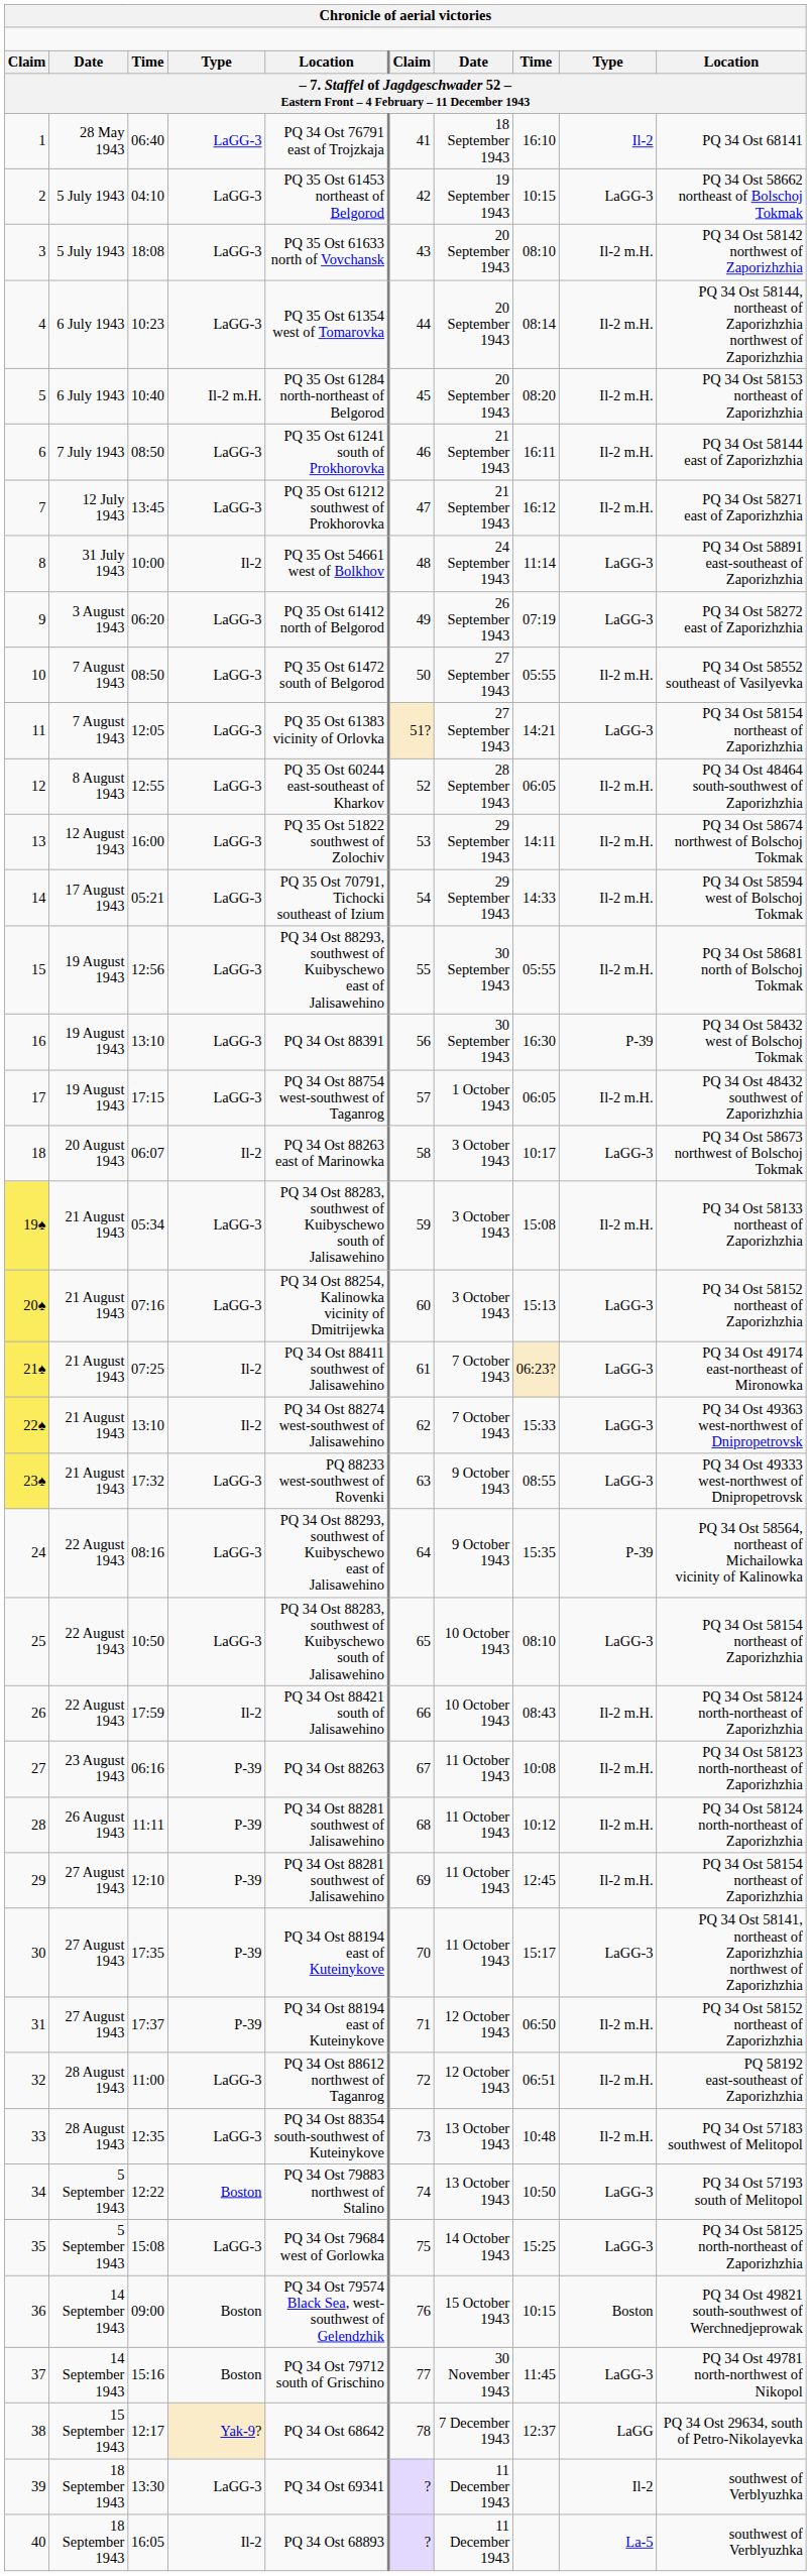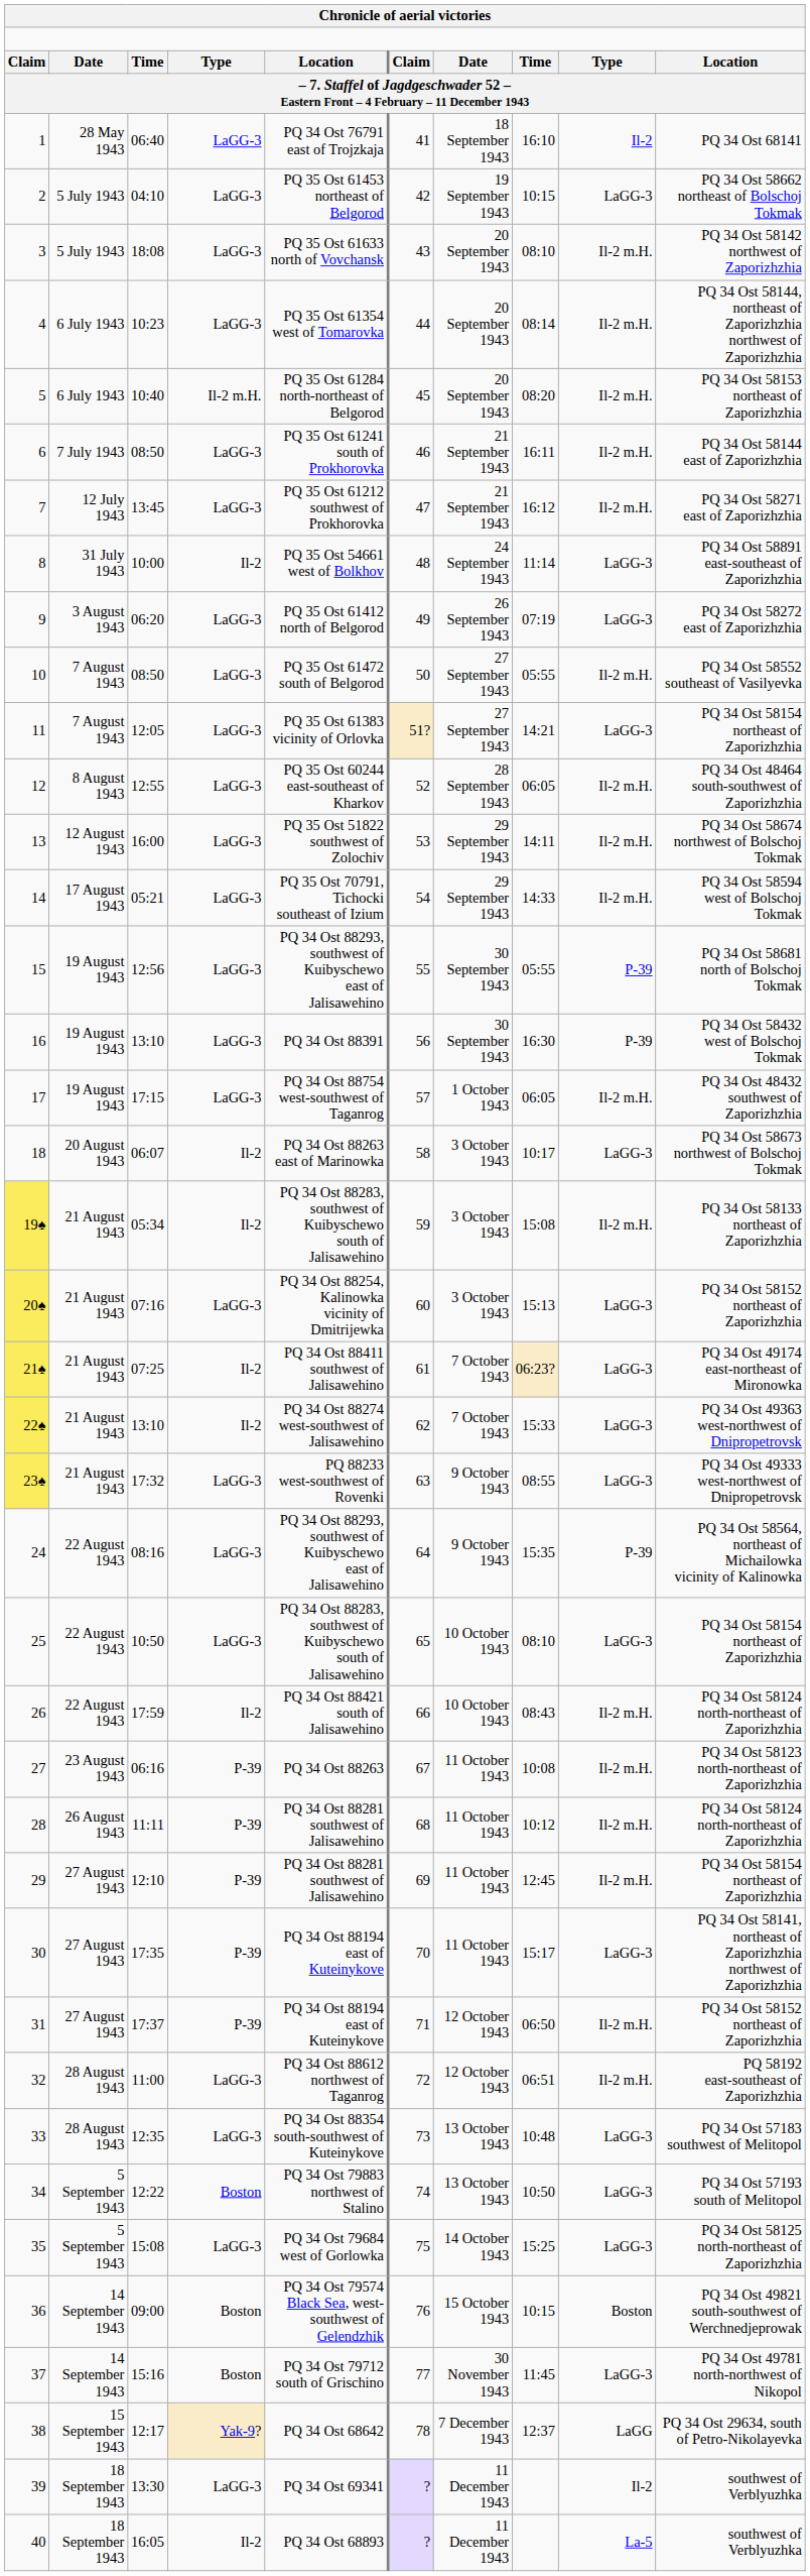 <table class="wikitable plainrowheaders collapsible" style="margin-left: auto; margin-right: auto; border: none; text-align:right; width: 100%;">
 <tr>
 <th colspan="10">Chronicle of aerial victories</th>
 </tr>
 <tr>
 <td colspan="10" style="text-align: left;"><br>  </td>
 </tr>
 <tr>
 <th scope="col">Claim</th>
 <th scope="col">Date</th>
 <th scope="col">Time</th>
 <th scope="col" width="100px">Type</th>
 <th scope="col">Location</th>
 <th scope="col" style="border-left: 3px solid grey;">Claim</th>
 <th scope="col">Date</th>
 <th scope="col">Time</th>
 <th scope="col" width="100px">Type</th>
 <th scope="col">Location</th>
 </tr>
 <tr>
 <th colspan="10">– 7. <em>Staffel</em> of <em>Jagdgeschwader</em> 52 –<br><small>Eastern Front – 4 February – 11 December 1943</small></th>
 </tr>
 <tr>
 <td>1</td>
 <td>28 May 1943</td>
 <td>06:40</td>
 <td><a href='#'>LaGG-3</a></td>
 <td>PQ 34 Ost 76791<br>east of Trojzkaja</td>
 <td style="border-left: 3px solid grey;">41</td>
 <td>18 September 1943</td>
 <td>16:10</td>
 <td><a href='#'>Il-2</a></td>
 <td>PQ 34 Ost 68141</td>
 </tr>
 <tr>
 <td>2</td>
 <td>5 July 1943</td>
 <td>04:10</td>
 <td>LaGG-3</td>
 <td>PQ 35 Ost 61453<br> northeast of <a href='#'>Belgorod</a></td>
 <td style="border-left: 3px solid grey;">42</td>
 <td>19 September 1943</td>
 <td>10:15</td>
 <td>LaGG-3</td>
 <td>PQ 34 Ost 58662<br> northeast of <a href='#'>Bolschoj Tokmak</a></td>
 </tr>
 <tr>
 <td>3</td>
 <td>5 July 1943</td>
 <td>18:08</td>
 <td>LaGG-3</td>
 <td>PQ 35 Ost 61633<br> north of <a href='#'>Vovchansk</a></td>
 <td style="border-left: 3px solid grey;">43</td>
 <td>20 September 1943</td>
 <td>08:10</td>
 <td>Il-2 m.H.</td>
 <td>PQ 34 Ost 58142<br>northwest of <a href='#'>Zaporizhzhia</a></td>
 </tr>
 <tr>
 <td>4</td>
 <td>6 July 1943</td>
 <td>10:23</td>
 <td>LaGG-3</td>
 <td>PQ 35 Ost 61354<br> west of <a href='#'>Tomarovka</a></td>
 <td style="border-left: 3px solid grey;">44</td>
 <td>20 September 1943</td>
 <td>08:14</td>
 <td>Il-2 m.H.</td>
 <td>PQ 34 Ost 58144, northeast of Zaporizhzhia<br>northwest of Zaporizhzhia</td>
 </tr>
 <tr>
 <td>5</td>
 <td>6 July 1943</td>
 <td>10:40</td>
 <td>Il-2 m.H.</td>
 <td>PQ 35 Ost 61284<br> north-northeast of Belgorod</td>
 <td style="border-left: 3px solid grey;">45</td>
 <td>20 September 1943</td>
 <td>08:20</td>
 <td>Il-2 m.H.</td>
 <td>PQ 34 Ost 58153<br>northeast of Zaporizhzhia</td>
 </tr>
 <tr>
 <td>6</td>
 <td>7 July 1943</td>
 <td>08:50</td>
 <td>LaGG-3</td>
 <td>PQ 35 Ost 61241<br> south of <a href='#'>Prokhorovka</a></td>
 <td style="border-left: 3px solid grey;">46</td>
 <td>21 September 1943</td>
 <td>16:11</td>
 <td>Il-2 m.H.</td>
 <td>PQ 34 Ost 58144<br> east of Zaporizhzhia</td>
 </tr>
 <tr>
 <td>7</td>
 <td>12 July 1943</td>
 <td>13:45</td>
 <td>LaGG-3</td>
 <td>PQ 35 Ost 61212<br> southwest of Prokhorovka</td>
 <td style="border-left: 3px solid grey;">47</td>
 <td>21 September 1943</td>
 <td>16:12</td>
 <td>Il-2 m.H.</td>
 <td>PQ 34 Ost 58271<br> east of Zaporizhzhia</td>
 </tr>
 <tr>
 <td>8</td>
 <td>31 July 1943</td>
 <td>10:00</td>
 <td>Il-2</td>
 <td>PQ 35 Ost 54661<br>west of <a href='#'>Bolkhov</a></td>
 <td style="border-left: 3px solid grey;">48</td>
 <td>24 September 1943</td>
 <td>11:14</td>
 <td>LaGG-3</td>
 <td>PQ 34 Ost 58891<br> east-southeast of Zaporizhzhia</td>
 </tr>
 <tr>
 <td>9</td>
 <td>3 August 1943</td>
 <td>06:20</td>
 <td>LaGG-3</td>
 <td>PQ 35 Ost 61412<br> north of Belgorod</td>
 <td style="border-left: 3px solid grey;">49</td>
 <td>26 September 1943</td>
 <td>07:19</td>
 <td>LaGG-3</td>
 <td>PQ 34 Ost 58272<br> east of Zaporizhzhia</td>
 </tr>
 <tr>
 <td>10</td>
 <td>7 August 1943</td>
 <td>08:50</td>
 <td>LaGG-3</td>
 <td>PQ 35 Ost 61472<br> south of Belgorod</td>
 <td style="border-left: 3px solid grey;">50</td>
 <td>27 September 1943</td>
 <td>05:55</td>
 <td>Il-2 m.H.</td>
 <td>PQ 34 Ost 58552<br>southeast of Vasilyevka</td>
 </tr>
 <tr>
 <td>11</td>
 <td>7 August 1943</td>
 <td>12:05</td>
 <td>LaGG-3</td>
 <td>PQ 35 Ost 61383<br>vicinity of Orlovka</td>
 <td style="border-left: 3px solid grey; background:#faecc8">51?</td>
 <td>27 September 1943</td>
 <td>14:21</td>
 <td>LaGG-3</td>
 <td>PQ 34 Ost 58154<br>northeast of Zaporizhzhia</td>
 </tr>
 <tr>
 <td>12</td>
 <td>8 August 1943</td>
 <td>12:55</td>
 <td>LaGG-3</td>
 <td>PQ 35 Ost 60244<br> east-southeast of Kharkov</td>
 <td style="border-left: 3px solid grey;">52</td>
 <td>28 September 1943</td>
 <td>06:05</td>
 <td>Il-2 m.H.</td>
 <td>PQ 34 Ost 48464<br> south-southwest of Zaporizhzhia</td>
 </tr>
 <tr>
 <td>13</td>
 <td>12 August 1943</td>
 <td>16:00</td>
 <td>LaGG-3</td>
 <td>PQ 35 Ost 51822<br> southwest of Zolochiv</td>
 <td style="border-left: 3px solid grey;">53</td>
 <td>29 September 1943</td>
 <td>14:11</td>
 <td>Il-2 m.H.</td>
 <td>PQ 34 Ost 58674<br> northwest of Bolschoj Tokmak</td>
 </tr>
 <tr>
 <td>14</td>
 <td>17 August 1943</td>
 <td>05:21</td>
 <td>LaGG-3</td>
 <td>PQ 35 Ost 70791, Tichocki<br> southeast of Izium</td>
 <td style="border-left: 3px solid grey;">54</td>
 <td>29 September 1943</td>
 <td>14:33</td>
 <td>Il-2 m.H.</td>
 <td>PQ 34 Ost 58594<br> west of Bolschoj Tokmak</td>
 </tr>
 <tr>
 <td>15</td>
 <td>19 August 1943</td>
 <td>12:56</td>
 <td>LaGG-3</td>
 <td>PQ 34 Ost 88293, southwest of Kuibyschewo<br> east of Jalisawehino</td>
 <td style="border-left: 3px solid grey;">55</td>
 <td>30 September 1943</td>
 <td>05:55</td>
-<td>Il-2 m.H.</td>
+<td><a href='#'>P-39</a></td>
 <td>PQ 34 Ost 58681<br> north of Bolschoj Tokmak</td>
 </tr>
 <tr>
 <td>16</td>
 <td>19 August 1943</td>
 <td>13:10</td>
 <td>LaGG-3</td>
 <td>PQ 34 Ost 88391</td>
 <td style="border-left: 3px solid grey;">56</td>
 <td>30 September 1943</td>
 <td>16:30</td>
 <td>P-39</td>
 <td>PQ 34 Ost 58432<br> west of Bolschoj Tokmak</td>
 </tr>
 <tr>
 <td>17</td>
 <td>19 August 1943</td>
 <td>17:15</td>
 <td>LaGG-3</td>
 <td>PQ 34 Ost 88754<br> west-southwest of Taganrog</td>
 <td style="border-left: 3px solid grey;">57</td>
 <td>1 October 1943</td>
 <td>06:05</td>
 <td>Il-2 m.H.</td>
 <td>PQ 34 Ost 48432<br> southwest of Zaporizhzhia</td>
 </tr>
 <tr>
 <td>18</td>
 <td>20 August 1943</td>
 <td>06:07</td>
 <td>Il-2</td>
 <td>PQ 34 Ost 88263<br> east of Marinowka</td>
 <td style="border-left: 3px solid grey;">58</td>
 <td>3 October 1943</td>
 <td>10:17</td>
 <td>LaGG-3</td>
 <td>PQ 34 Ost 58673<br> northwest of Bolschoj Tokmak</td>
 </tr>
 <tr>
 <td style="background:#fbec5d;">19♠</td>
 <td>21 August 1943</td>
 <td>05:34</td>
-<td>LaGG-3</td>
+<td>Il-2</td>
 <td>PQ 34 Ost 88283, southwest of Kuibyschewo<br> south of Jalisawehino</td>
 <td style="border-left: 3px solid grey;">59</td>
 <td>3 October 1943</td>
 <td>15:08</td>
 <td>Il-2 m.H.</td>
 <td>PQ 34 Ost 58133<br> northeast of Zaporizhzhia</td>
 </tr>
 <tr>
 <td style="background:#fbec5d;">20♠</td>
 <td>21 August 1943</td>
 <td>07:16</td>
 <td>LaGG-3</td>
 <td>PQ 34 Ost 88254, Kalinowka<br>vicinity of Dmitrijewka</td>
 <td style="border-left: 3px solid grey;">60</td>
 <td>3 October 1943</td>
 <td>15:13</td>
 <td>LaGG-3</td>
 <td>PQ 34 Ost 58152<br>northeast of Zaporizhzhia</td>
 </tr>
 <tr>
 <td style="background:#fbec5d;">21♠</td>
 <td>21 August 1943</td>
 <td>07:25</td>
 <td>Il-2</td>
 <td>PQ 34 Ost 88411<br> southwest of Jalisawehino</td>
 <td style="border-left: 3px solid grey;">61</td>
 <td>7 October 1943</td>
 <td style="background:#faecc8">06:23?</td>
 <td>LaGG-3</td>
 <td>PQ 34 Ost 49174<br> east-northeast of Mironowka</td>
 </tr>
 <tr>
 <td style="background:#fbec5d;">22♠</td>
 <td>21 August 1943</td>
 <td>13:10</td>
 <td>Il-2</td>
 <td>PQ 34 Ost 88274<br> west-southwest of Jalisawehino</td>
 <td style="border-left: 3px solid grey;">62</td>
 <td>7 October 1943</td>
 <td>15:33</td>
 <td>LaGG-3</td>
 <td>PQ 34 Ost 49363<br> west-northwest of <a href='#'>Dnipropetrovsk</a></td>
 </tr>
 <tr>
 <td style="background:#fbec5d;">23♠</td>
 <td>21 August 1943</td>
 <td>17:32</td>
 <td>LaGG-3</td>
 <td>PQ 88233<br> west-southwest of Rovenki</td>
 <td style="border-left: 3px solid grey;">63</td>
 <td>9 October 1943</td>
 <td>08:55</td>
 <td>LaGG-3</td>
 <td>PQ 34 Ost 49333<br> west-northwest of Dnipropetrovsk</td>
 </tr>
 <tr>
 <td>24</td>
 <td>22 August 1943</td>
 <td>08:16</td>
 <td>LaGG-3</td>
 <td>PQ 34 Ost 88293, southwest of Kuibyschewo<br> east of Jalisawehino</td>
 <td style="border-left: 3px solid grey;">64</td>
 <td>9 October 1943</td>
 <td>15:35</td>
 <td>P-39</td>
 <td>PQ 34 Ost 58564, northeast of Michailowka<br>vicinity of Kalinowka</td>
 </tr>
 <tr>
 <td>25</td>
 <td>22 August 1943</td>
 <td>10:50</td>
 <td>LaGG-3</td>
 <td>PQ 34 Ost 88283, southwest of Kuibyschewo<br> south of Jalisawehino</td>
 <td style="border-left: 3px solid grey;">65</td>
 <td>10 October 1943</td>
 <td>08:10</td>
 <td>LaGG-3</td>
 <td>PQ 34 Ost 58154<br>northeast of Zaporizhzhia</td>
 </tr>
 <tr>
 <td>26</td>
 <td>22 August 1943</td>
 <td>17:59</td>
 <td>Il-2</td>
 <td>PQ 34 Ost 88421<br> south of Jalisawehino</td>
 <td style="border-left: 3px solid grey;">66</td>
 <td>10 October 1943</td>
 <td>08:43</td>
 <td>Il-2 m.H.</td>
 <td>PQ 34 Ost 58124<br> north-northeast of Zaporizhzhia</td>
 </tr>
 <tr>
 <td>27</td>
 <td>23 August 1943</td>
 <td>06:16</td>
 <td>P-39</td>
 <td>PQ 34 Ost 88263</td>
 <td style="border-left: 3px solid grey;">67</td>
 <td>11 October 1943</td>
 <td>10:08</td>
 <td>Il-2 m.H.</td>
 <td>PQ 34 Ost 58123<br> north-northeast of Zaporizhzhia</td>
 </tr>
 <tr>
 <td>28</td>
 <td>26 August 1943</td>
 <td>11:11</td>
 <td>P-39</td>
 <td>PQ 34 Ost 88281<br> southwest of Jalisawehino</td>
 <td style="border-left: 3px solid grey;">68</td>
 <td>11 October 1943</td>
 <td>10:12</td>
 <td>Il-2 m.H.</td>
 <td>PQ 34 Ost 58124<br> north-northeast of Zaporizhzhia</td>
 </tr>
 <tr>
 <td>29</td>
 <td>27 August 1943</td>
 <td>12:10</td>
 <td>P-39</td>
 <td>PQ 34 Ost 88281<br> southwest of Jalisawehino</td>
 <td style="border-left: 3px solid grey;">69</td>
 <td>11 October 1943</td>
 <td>12:45</td>
 <td>Il-2 m.H.</td>
 <td>PQ 34 Ost 58154<br>northeast of Zaporizhzhia</td>
 </tr>
 <tr>
 <td>30</td>
 <td>27 August 1943</td>
 <td>17:35</td>
 <td>P-39</td>
 <td>PQ 34 Ost 88194<br> east of <a href='#'>Kuteinykove</a></td>
 <td style="border-left: 3px solid grey;">70</td>
 <td>11 October 1943</td>
 <td>15:17</td>
 <td>LaGG-3</td>
 <td>PQ 34 Ost 58141, northeast of Zaporizhzhia<br>northwest of Zaporizhzhia</td>
 </tr>
 <tr>
 <td>31</td>
 <td>27 August 1943</td>
 <td>17:37</td>
 <td>P-39</td>
 <td>PQ 34 Ost 88194<br> east of Kuteinykove</td>
 <td style="border-left: 3px solid grey;">71</td>
 <td>12 October 1943</td>
 <td>06:50</td>
 <td>Il-2 m.H.</td>
 <td>PQ 34 Ost 58152<br>northeast of Zaporizhzhia</td>
 </tr>
 <tr>
 <td>32</td>
 <td>28 August 1943</td>
 <td>11:00</td>
 <td>LaGG-3</td>
 <td>PQ 34 Ost 88612<br> northwest of Taganrog</td>
 <td style="border-left: 3px solid grey;">72</td>
 <td>12 October 1943</td>
 <td>06:51</td>
 <td>Il-2 m.H.</td>
 <td>PQ 58192<br> east-southeast of Zaporizhzhia</td>
 </tr>
 <tr>
 <td>33</td>
 <td>28 August 1943</td>
 <td>12:35</td>
 <td>LaGG-3</td>
 <td>PQ 34 Ost 88354<br> south-southwest of Kuteinykove</td>
 <td style="border-left: 3px solid grey;">73</td>
 <td>13 October 1943</td>
 <td>10:48</td>
-<td>Il-2 m.H.</td>
+<td>LaGG-3</td>
 <td>PQ 34 Ost 57183<br> southwest of Melitopol</td>
 </tr>
 <tr>
 <td>34</td>
 <td>5 September 1943</td>
 <td>12:22</td>
 <td><a href='#'>Boston</a></td>
 <td>PQ 34 Ost 79883<br> northwest of Stalino</td>
 <td style="border-left: 3px solid grey;">74</td>
 <td>13 October 1943</td>
 <td>10:50</td>
 <td>LaGG-3</td>
 <td>PQ 34 Ost 57193<br> south of Melitopol</td>
 </tr>
 <tr>
 <td>35</td>
 <td>5 September 1943</td>
 <td>15:08</td>
 <td>LaGG-3</td>
 <td>PQ 34 Ost 79684<br> west of Gorlowka</td>
 <td style="border-left: 3px solid grey;">75</td>
 <td>14 October 1943</td>
 <td>15:25</td>
 <td>LaGG-3</td>
 <td>PQ 34 Ost 58125<br> north-northeast of Zaporizhzhia</td>
 </tr>
 <tr>
 <td>36</td>
 <td>14 September 1943</td>
 <td>09:00</td>
 <td>Boston</td>
 <td>PQ 34 Ost 79574<br><a href='#'>Black Sea</a>,  west-southwest of <a href='#'>Gelendzhik</a></td>
 <td style="border-left: 3px solid grey;">76</td>
 <td>15 October 1943</td>
 <td>10:15</td>
 <td>Boston</td>
 <td>PQ 34 Ost 49821<br> south-southwest of Werchnedjeprowak</td>
 </tr>
 <tr>
 <td>37</td>
 <td>14 September 1943</td>
 <td>15:16</td>
 <td>Boston</td>
 <td>PQ 34 Ost 79712<br> south of Grischino</td>
 <td style="border-left: 3px solid grey;">77</td>
 <td>30 November 1943</td>
 <td>11:45</td>
 <td>LaGG-3</td>
 <td>PQ 34 Ost 49781<br> north-northwest of Nikopol</td>
 </tr>
 <tr>
 <td>38</td>
 <td>15 September 1943</td>
 <td>12:17</td>
 <td style="background:#faecc8"><a href='#'>Yak-9</a>?</td>
 <td>PQ 34 Ost 68642</td>
 <td style="border-left: 3px solid grey;">78</td>
 <td>7 December 1943</td>
 <td>12:37</td>
 <td>LaGG</td>
 <td>PQ 34 Ost 29634, south of Petro-Nikolayevka</td>
 </tr>
 <tr>
 <td>39</td>
 <td>18 September 1943</td>
 <td>13:30</td>
 <td>LaGG-3</td>
 <td>PQ 34 Ost 69341</td>
 <td style="border-left: 3px solid grey; background:#e3d9ff;">?</td>
 <td>11 December 1943</td>
 <td></td>
 <td>Il-2</td>
 <td>southwest of Verblyuzhka</td>
 </tr>
 <tr>
 <td>40</td>
 <td>18 September 1943</td>
 <td>16:05</td>
 <td>Il-2</td>
 <td>PQ 34 Ost 68893</td>
 <td style="border-left: 3px solid grey; background:#e3d9ff;">?</td>
 <td>11 December 1943</td>
 <td></td>
 <td><a href='#'>La-5</a></td>
 <td>southwest of Verblyuzhka</td>
 </tr>
 </table>
